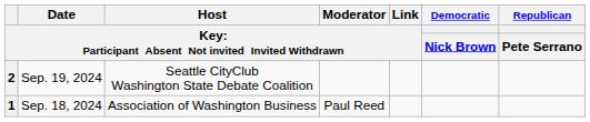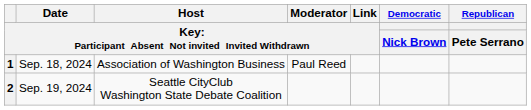 <table class="wikitable" style="text-align:center;">
 <tr>
 <th scope="col"></th>
 <th scope="col">Date</th>
 <th scope="col">Host</th>
 <th scope="col">Moderator</th>
 <th scope="col">Link</th>
 <th scope="col"><small><a href='#'>Democratic</a></small></th>
 <th scope="col"><small><a href='#'>Republican</a></small></th>
 </tr>
 <tr>
 <th colspan="5" rowspan="2">Key:<br> <small>Participant </small>  <small>Absent </small>  <small>Not invited </small>  <small>Invited  Withdrawn</small></th>
 <th scope="col" style="background:"></th>
 <th scope="col" style="background:"></th>
 </tr>
 <tr>
 <th scope="col"><a href='#'>Nick Brown</a></th>
 <th scope="col">Pete Serrano</th>
 </tr>
 <tr>
+<th>1</th>
+<td style="white-space:nowrap;">Sep. 18, 2024</td>
+<td style="white-space:nowrap;">Association of Washington Business</td>
+<td style="white-space:nowrap;">Paul Reed</td>
+<td style="white-space:nowrap;"></td>
+<td></td>
+<td></td>
+</tr>
+<tr>
 <th>2</th>
 <td style="white-space:nowrap;">Sep. 19, 2024</td>
 <td style="white-space:nowrap;">Seattle CityClub<br>Washington State Debate Coalition</td>
 <td style="white-space:nowrap;"></td>
 <td style="white-space:nowrap;"></td>
 <td></td>
 <td></td>
 </tr>
-<tr>
-<th>1</th>
-<td style="white-space:nowrap;">Sep. 18, 2024</td>
-<td style="white-space:nowrap;">Association of Washington Business</td>
-<td style="white-space:nowrap;">Paul Reed</td>
-<td style="white-space:nowrap;"></td>
-<td></td>
-<td></td>
-</tr>
 </table>
